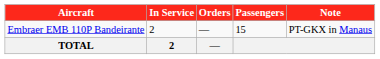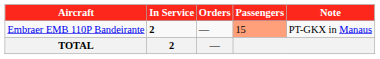 <table class="wikitable" style="margin: 1em auto;">
 <tr>
 <th style="background:#fd281b; color:white;">Aircraft</th>
 <th style="background:#fd281b; color:white;">In Service</th>
 <th style="background:#fd281b; color:white;">Orders</th>
 <th style="background:#fd281b; color:white;">Passengers</th>
 <th style="background:#fd281b; color:white;">Note</th>
 </tr>
 <tr>
 <td rowspan="1"><div><a href='#'>Embraer EMB 110P Bandeirante</a></div></td>
-<td rowspan="1"><div>2</div></td>
+<td rowspan="1"><strong><div>2</div></strong></td>
 <td rowspan="1"><div>—</div></td>
-<td rowspan="1"><div>15<br></div></td>
+<td rowspan="1" style="background: lightsalmon;"><div>15<br></div></td>
 <td><div>PT-GKX  in <a href='#'>Manaus</a></div></td>
 </tr>
 <tr>
 <th>TOTAL</th>
 <th>2</th>
 <th>—</th>
 <th colspan="3"></th>
 </tr>
 </table>
